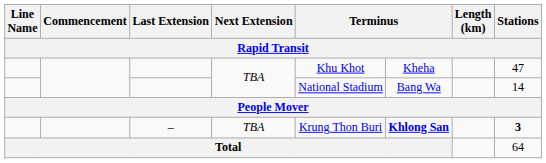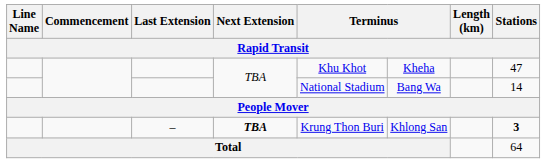 <table class="wikitable" style=margin:auto;font-align:center;text-align:center;font-size:80%;">
 <tr>
 <th>Line<br>Name</th>
 <th>Commencement</th>
 <th>Last Extension</th>
 <th>Next Extension</th>
 <th colspan="2">Terminus</th>
 <th>Length<br>(km)</th>
 <th>Stations</th>
 </tr>
 <tr>
 <th colspan="8"><strong><a href='#'>Rapid Transit</a></strong></th>
 </tr>
 <tr>
 <td style="background:#"><strong><a href='#'></a></strong></td>
 <td rowspan="2"></td>
 <td></td>
 <td rowspan="2"><abbr><em>TBA</em></abbr></td>
 <td><a href='#'>Khu Khot</a></td>
 <td><a href='#'>Kheha</a></td>
 <td></td>
 <td>47</td>
 </tr>
 <tr>
 <td style="background:#"><strong><a href='#'></a></strong></td>
 <td></td>
 <td><a href='#'>National Stadium</a></td>
 <td><a href='#'>Bang Wa</a></td>
 <td></td>
 <td>14</td>
 </tr>
 <tr>
 <th colspan="8"><strong><a href='#'>People Mover</a></strong></th>
 </tr>
 <tr>
 <td style="background:#"><strong><a href='#'></a></strong></td>
 <td></td>
 <td>–</td>
-<td><abbr><em>TBA</em></abbr></td>
+<td><strong><abbr><em>TBA</em></abbr></strong></td>
 <td><a href='#'>Krung Thon Buri</a></td>
-<td><strong><a href='#'>Khlong San</a></strong></td>
+<td><a href='#'>Khlong San</a></td>
 <td></td>
 <td><strong>3</strong></td>
 </tr>
 <tr>
 <th colspan="6"><strong>Total</strong></th>
 <td></td>
 <td>64</td>
 </tr>
 </table>
